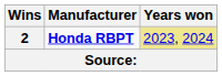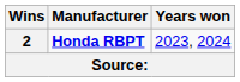 <table class="wikitable">
 <tr>
 <th>Wins</th>
 <th>Manufacturer</th>
 <th>Years won</th>
 </tr>
 <tr>
 <th>2</th>
 <td> <strong><a href='#'>Honda RBPT</a></strong></td>
-<td style="background: khaki;"><a href='#'>2023</a>, <a href='#'>2024</a></td>
+<td><a href='#'>2023</a>, <a href='#'>2024</a></td>
 </tr>
 <tr>
 <th colspan=3>Source:</th>
 </tr>
 </table>
